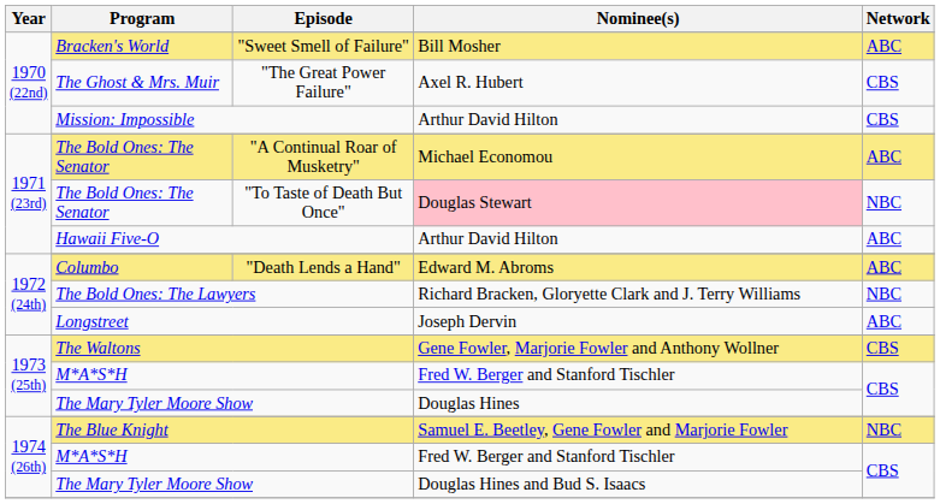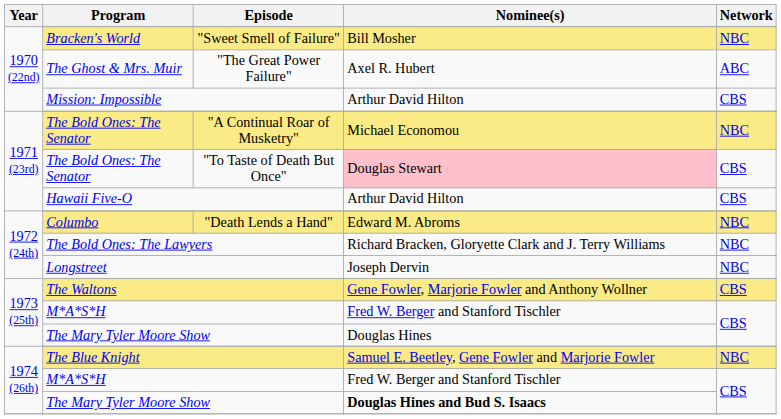 <table class="wikitable">
 <tr>
 <th width="5%">Year</th>
 <th width="20%">Program</th>
 <th width="20%">Episode</th>
 <th width="50%">Nominee(s)</th>
 <th width="5%">Network</th>
 </tr>
 <tr>
 <td rowspan=4 style="text-align:center;"><a href='#'>1970</a><br><small><a href='#'>(22nd)</a></small><br></td>
 </tr>
 <tr style="background:#FAEB86;">
 <td><em><a href='#'>Bracken's World</a></em></td>
 <td align=center>"Sweet Smell of Failure"</td>
 <td>Bill Mosher</td>
-<td><a href='#'>ABC</a></td>
+<td><a href='#'>NBC</a></td>
 </tr>
 <tr>
 <td><em><a href='#'>The Ghost & Mrs. Muir</a></em></td>
 <td align=center>"The Great Power Failure"</td>
 <td>Axel R. Hubert</td>
-<td><a href='#'>CBS</a></td>
+<td><a href='#'>ABC</a></td>
 </tr>
 <tr>
 <td colspan=2><em><a href='#'>Mission: Impossible</a></em></td>
 <td>Arthur David Hilton</td>
 <td><a href='#'>CBS</a></td>
 </tr>
 <tr>
 <td rowspan=4 style="text-align:center;"><a href='#'>1971</a><br><small><a href='#'>(23rd)</a></small><br></td>
 </tr>
 <tr style="background:#FAEB86;">
 <td><em><a href='#'>The Bold Ones: The Senator</a></em></td>
 <td align=center>"A Continual Roar of Musketry"</td>
 <td>Michael Economou</td>
-<td><a href='#'>ABC</a></td>
+<td><a href='#'>NBC</a></td>
 </tr>
 <tr>
 <td><em><a href='#'>The Bold Ones: The Senator</a></em></td>
 <td align=center>"To Taste of Death But Once"</td>
 <td style="background: pink;">Douglas Stewart</td>
-<td><a href='#'>NBC</a></td>
+<td><a href='#'>CBS</a></td>
 </tr>
 <tr>
 <td colspan=2><em><a href='#'>Hawaii Five-O</a></em></td>
 <td>Arthur David Hilton</td>
-<td><a href='#'>ABC</a></td>
+<td><a href='#'>CBS</a></td>
 </tr>
 <tr>
 <td rowspan=4 style="text-align:center;"><a href='#'>1972</a><br><small><a href='#'>(24th)</a></small><br></td>
 </tr>
 <tr style="background:#FAEB86;">
 <td><em><a href='#'>Columbo</a></em></td>
 <td align=center>"Death Lends a Hand"</td>
 <td>Edward M. Abroms</td>
-<td><a href='#'>ABC</a></td>
+<td><a href='#'>NBC</a></td>
 </tr>
 <tr>
 <td colspan=2><em><a href='#'>The Bold Ones: The Lawyers</a></em></td>
 <td>Richard Bracken, Gloryette Clark and J. Terry Williams</td>
 <td><a href='#'>NBC</a></td>
 </tr>
 <tr>
 <td colspan=2><em><a href='#'>Longstreet</a></em></td>
 <td>Joseph Dervin</td>
-<td><a href='#'>ABC</a></td>
+<td><a href='#'>NBC</a></td>
 </tr>
 <tr>
 <td rowspan=4 style="text-align:center;"><a href='#'>1973</a><br><small><a href='#'>(25th)</a></small><br></td>
 </tr>
 <tr style="background:#FAEB86;">
 <td colspan=2><em><a href='#'>The Waltons</a></em></td>
 <td><a href='#'>Gene Fowler</a>, <a href='#'>Marjorie Fowler</a> and Anthony Wollner</td>
 <td><a href='#'>CBS</a></td>
 </tr>
 <tr>
 <td colspan=2><em><a href='#'>M*A*S*H</a></em></td>
 <td><a href='#'>Fred W. Berger</a> and Stanford Tischler</td>
 <td rowspan=2><a href='#'>CBS</a></td>
 </tr>
 <tr>
 <td colspan=2><em><a href='#'>The Mary Tyler Moore Show</a></em></td>
 <td>Douglas Hines</td>
 </tr>
 <tr>
 <td rowspan=4 style="text-align:center;"><a href='#'>1974</a><br><small><a href='#'>(26th)</a></small><br></td>
 </tr>
 <tr style="background:#FAEB86;">
 <td colspan=2><em><a href='#'>The Blue Knight</a></em></td>
 <td><a href='#'>Samuel E. Beetley</a>, <a href='#'>Gene Fowler</a> and <a href='#'>Marjorie Fowler</a></td>
 <td><a href='#'>NBC</a></td>
 </tr>
 <tr>
 <td colspan=2><em><a href='#'>M*A*S*H</a></em></td>
 <td>Fred W. Berger and Stanford Tischler</td>
 <td rowspan=2><a href='#'>CBS</a></td>
 </tr>
 <tr>
 <td colspan=2><em><a href='#'>The Mary Tyler Moore Show</a></em></td>
-<td>Douglas Hines and Bud S. Isaacs</td>
+<td><strong>Douglas Hines and Bud S. Isaacs</strong></td>
 </tr>
 <tr>
 </tr>
 </table>
